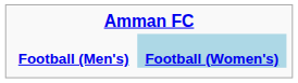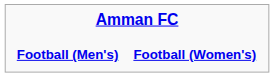 <table class="infobox" style="width: 270px;">
 <tr>
 <th colspan="4"><a href='#'><span>Amman FC</span></a></th>
 </tr>
 <tr style="font-size: 85%; text-align: center">
 <td><br><strong><a href='#'>Football (Men's)</a></strong></td>
-<td style="background: lightblue;"><br><strong><a href='#'>Football (Women's)</a></strong></td>
+<td><br><strong><a href='#'>Football (Women's)</a></strong></td>
 </tr>
 <tr style="font-size: 85%; text-align: center">
 <td></td>
 </tr>
 </table>
